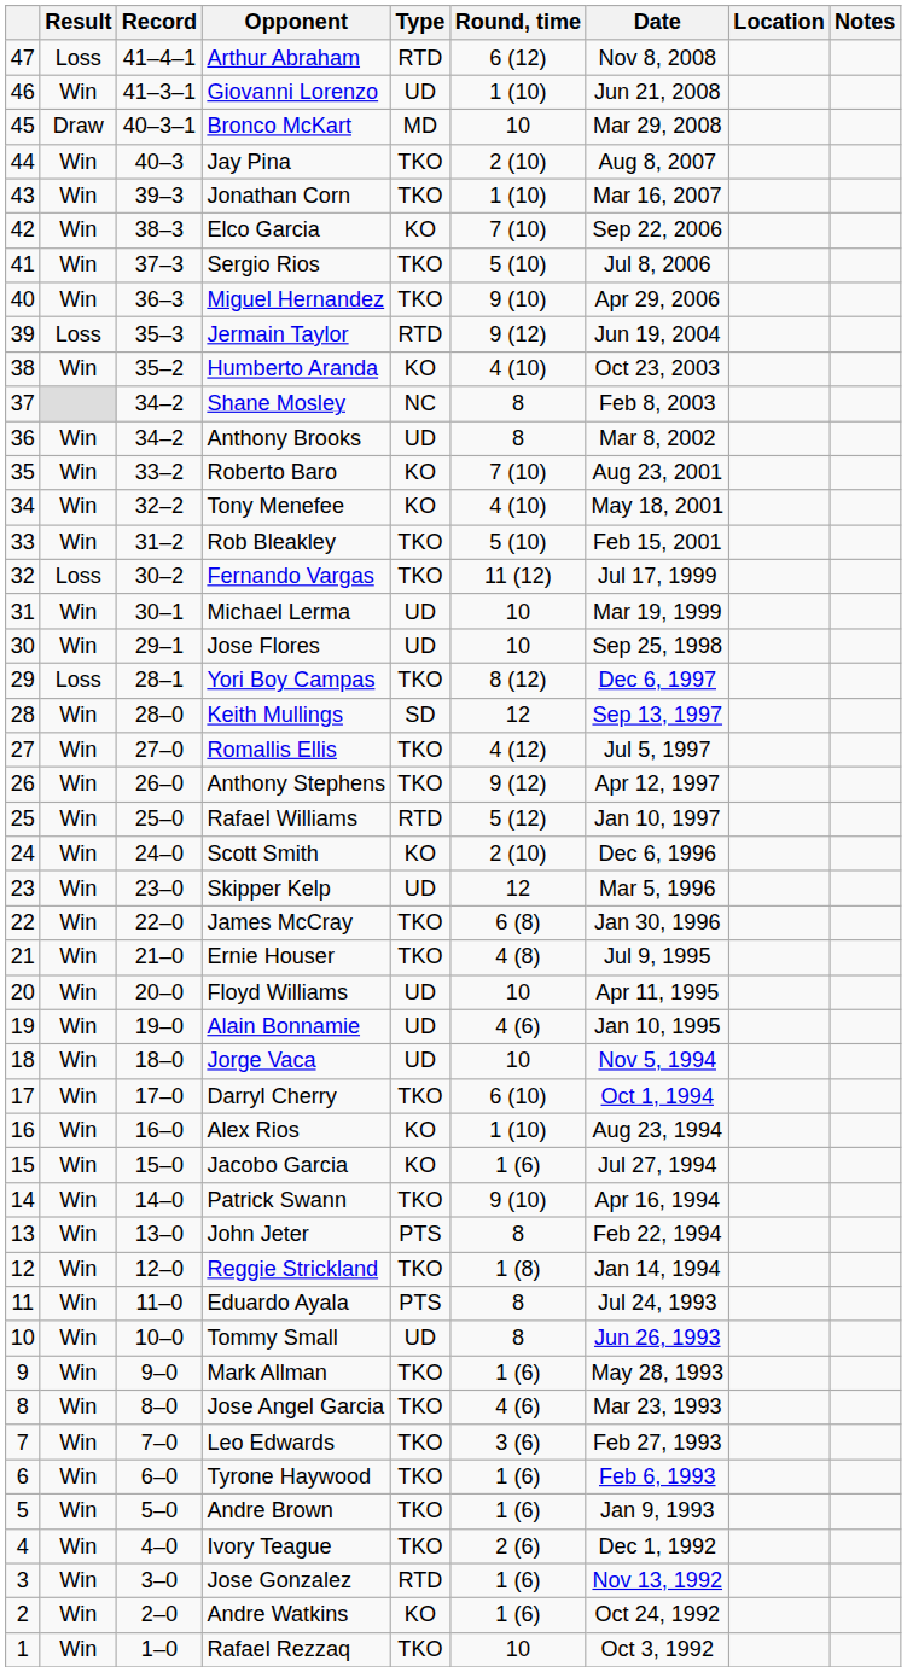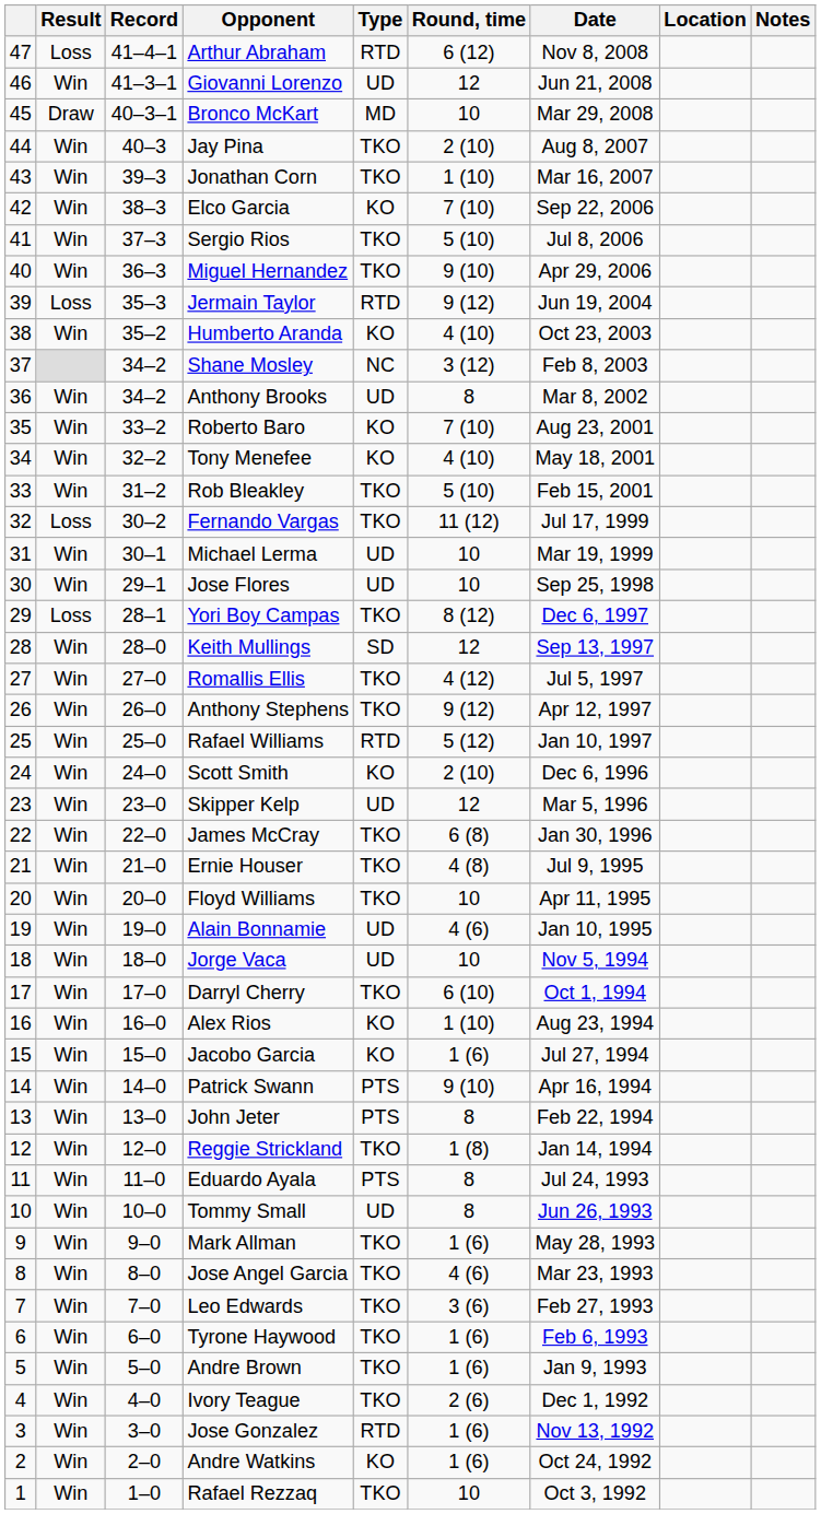 <table class="wikitable" style="text-align:center">
 <tr>
 <th></th>
 <th>Result</th>
 <th>Record</th>
 <th>Opponent</th>
 <th>Type</th>
 <th>Round, time</th>
 <th>Date</th>
 <th>Location</th>
 <th>Notes</th>
 </tr>
 <tr>
 <td>47</td>
 <td>Loss</td>
 <td>41–4–1 </td>
 <td align=left><a href='#'>Arthur Abraham</a></td>
 <td>RTD</td>
 <td>6 (12)</td>
 <td>Nov 8, 2008</td>
 <td align=left></td>
 <td align=left></td>
 </tr>
 <tr>
 <td>46</td>
 <td>Win</td>
 <td>41–3–1 </td>
 <td align=left><a href='#'>Giovanni Lorenzo</a></td>
 <td>UD</td>
-<td>1 (10)</td>
+<td>12</td>
 <td>Jun 21, 2008</td>
 <td align=left></td>
 <td align=left></td>
 </tr>
 <tr>
 <td>45</td>
 <td>Draw</td>
 <td>40–3–1 </td>
 <td align=left><a href='#'>Bronco McKart</a></td>
 <td>MD</td>
 <td>10</td>
 <td>Mar 29, 2008</td>
 <td align=left></td>
 <td align=left></td>
 </tr>
 <tr>
 <td>44</td>
 <td>Win</td>
 <td>40–3 </td>
 <td align=left>Jay Pina</td>
 <td>TKO</td>
 <td>2 (10)</td>
 <td>Aug 8, 2007</td>
 <td align=left></td>
 <td align=left></td>
 </tr>
 <tr>
 <td>43</td>
 <td>Win</td>
 <td>39–3 </td>
 <td align=left>Jonathan Corn</td>
 <td>TKO</td>
 <td>1 (10)</td>
 <td>Mar 16, 2007</td>
 <td align=left></td>
 <td align=left></td>
 </tr>
 <tr>
 <td>42</td>
 <td>Win</td>
 <td>38–3 </td>
 <td align=left>Elco Garcia</td>
 <td>KO</td>
 <td>7 (10)</td>
 <td>Sep 22, 2006</td>
 <td align=left></td>
 <td align=left></td>
 </tr>
 <tr>
 <td>41</td>
 <td>Win</td>
 <td>37–3 </td>
 <td align=left>Sergio Rios</td>
 <td>TKO</td>
 <td>5 (10)</td>
 <td>Jul 8, 2006</td>
 <td align=left></td>
 <td align=left></td>
 </tr>
 <tr>
 <td>40</td>
 <td>Win</td>
 <td>36–3 </td>
 <td align=left><a href='#'>Miguel Hernandez</a></td>
 <td>TKO</td>
 <td>9 (10)</td>
 <td>Apr 29, 2006</td>
 <td align=left></td>
 <td align=left></td>
 </tr>
 <tr>
 <td>39</td>
 <td>Loss</td>
 <td>35–3 </td>
 <td align=left><a href='#'>Jermain Taylor</a></td>
 <td>RTD</td>
 <td>9 (12)</td>
 <td>Jun 19, 2004</td>
 <td align=left></td>
 <td align=left></td>
 </tr>
 <tr>
 <td>38</td>
 <td>Win</td>
 <td>35–2 </td>
 <td align=left><a href='#'>Humberto Aranda</a></td>
 <td>KO</td>
 <td>4 (10)</td>
 <td>Oct 23, 2003</td>
 <td align=left></td>
 <td align=left></td>
 </tr>
 <tr>
 <td>37</td>
 <td style="background:#DDD"></td>
 <td>34–2 </td>
 <td align=left><a href='#'>Shane Mosley</a></td>
 <td>NC</td>
-<td>8</td>
+<td>3 (12)</td>
 <td>Feb 8, 2003</td>
 <td align=left></td>
 <td align=left></td>
 </tr>
 <tr>
 <td>36</td>
 <td>Win</td>
 <td>34–2</td>
 <td align=left>Anthony Brooks</td>
 <td>UD</td>
 <td>8</td>
 <td>Mar 8, 2002</td>
 <td align=left></td>
 <td align=left></td>
 </tr>
 <tr>
 <td>35</td>
 <td>Win</td>
 <td>33–2</td>
 <td align=left>Roberto Baro</td>
 <td>KO</td>
 <td>7 (10)</td>
 <td>Aug 23, 2001</td>
 <td align=left></td>
 <td align=left></td>
 </tr>
 <tr>
 <td>34</td>
 <td>Win</td>
 <td>32–2</td>
 <td align=left>Tony Menefee</td>
 <td>KO</td>
 <td>4 (10)</td>
 <td>May 18, 2001</td>
 <td align=left></td>
 <td align=left></td>
 </tr>
 <tr>
 <td>33</td>
 <td>Win</td>
 <td>31–2</td>
 <td align=left>Rob Bleakley</td>
 <td>TKO</td>
 <td>5 (10)</td>
 <td>Feb 15, 2001</td>
 <td align=left></td>
 <td align=left></td>
 </tr>
 <tr>
 <td>32</td>
 <td>Loss</td>
 <td>30–2</td>
 <td align=left><a href='#'>Fernando Vargas</a></td>
 <td>TKO</td>
 <td>11 (12)</td>
 <td>Jul 17, 1999</td>
 <td align=left></td>
 <td align=left></td>
 </tr>
 <tr>
 <td>31</td>
 <td>Win</td>
 <td>30–1</td>
 <td align=left>Michael Lerma</td>
 <td>UD</td>
 <td>10</td>
 <td>Mar 19, 1999</td>
 <td align=left></td>
 <td align=left></td>
 </tr>
 <tr>
 <td>30</td>
 <td>Win</td>
 <td>29–1</td>
 <td align=left>Jose Flores</td>
 <td>UD</td>
 <td>10</td>
 <td>Sep 25, 1998</td>
 <td align=left></td>
 <td align=left></td>
 </tr>
 <tr>
 <td>29</td>
 <td>Loss</td>
 <td>28–1</td>
 <td align=left><a href='#'>Yori Boy Campas</a></td>
 <td>TKO</td>
 <td>8 (12)</td>
 <td><a href='#'>Dec 6, 1997</a></td>
 <td align=left></td>
 <td align=left></td>
 </tr>
 <tr>
 <td>28</td>
 <td>Win</td>
 <td>28–0</td>
 <td align=left><a href='#'>Keith Mullings</a></td>
 <td>SD</td>
 <td>12</td>
 <td><a href='#'>Sep 13, 1997</a></td>
 <td align=left></td>
 <td align=left></td>
 </tr>
 <tr>
 <td>27</td>
 <td>Win</td>
 <td>27–0</td>
 <td align=left><a href='#'>Romallis Ellis</a></td>
 <td>TKO</td>
 <td>4 (12)</td>
 <td>Jul 5, 1997</td>
 <td align=left></td>
 <td align=left></td>
 </tr>
 <tr>
 <td>26</td>
 <td>Win</td>
 <td>26–0</td>
 <td align=left>Anthony Stephens</td>
 <td>TKO</td>
 <td>9 (12)</td>
 <td>Apr 12, 1997</td>
 <td align=left></td>
 <td align=left></td>
 </tr>
 <tr>
 <td>25</td>
 <td>Win</td>
 <td>25–0</td>
 <td align=left>Rafael Williams</td>
 <td>RTD</td>
 <td>5 (12)</td>
 <td>Jan 10, 1997</td>
 <td align=left></td>
 <td align=left></td>
 </tr>
 <tr>
 <td>24</td>
 <td>Win</td>
 <td>24–0</td>
 <td align=left>Scott Smith</td>
 <td>KO</td>
 <td>2 (10)</td>
 <td>Dec 6, 1996</td>
 <td align=left></td>
 <td align=left></td>
 </tr>
 <tr>
 <td>23</td>
 <td>Win</td>
 <td>23–0</td>
 <td align=left>Skipper Kelp</td>
 <td>UD</td>
 <td>12</td>
 <td>Mar 5, 1996</td>
 <td align=left></td>
 <td align=left></td>
 </tr>
 <tr>
 <td>22</td>
 <td>Win</td>
 <td>22–0</td>
 <td align=left>James McCray</td>
 <td>TKO</td>
 <td>6 (8)</td>
 <td>Jan 30, 1996</td>
 <td align=left></td>
 <td align=left></td>
 </tr>
 <tr>
 <td>21</td>
 <td>Win</td>
 <td>21–0</td>
 <td align=left>Ernie Houser</td>
 <td>TKO</td>
 <td>4 (8)</td>
 <td>Jul 9, 1995</td>
 <td align=left></td>
 <td align=left></td>
 </tr>
 <tr>
 <td>20</td>
 <td>Win</td>
 <td>20–0</td>
 <td align=left>Floyd Williams</td>
-<td>UD</td>
+<td>TKO</td>
 <td>10</td>
 <td>Apr 11, 1995</td>
 <td align=left></td>
 <td align=left></td>
 </tr>
 <tr>
 <td>19</td>
 <td>Win</td>
 <td>19–0</td>
 <td align=left><a href='#'>Alain Bonnamie</a></td>
 <td>UD</td>
 <td>4 (6)</td>
 <td>Jan 10, 1995</td>
 <td align=left></td>
 <td align=left></td>
 </tr>
 <tr>
 <td>18</td>
 <td>Win</td>
 <td>18–0</td>
 <td align=left><a href='#'>Jorge Vaca</a></td>
 <td>UD</td>
 <td>10</td>
 <td><a href='#'>Nov 5, 1994</a></td>
 <td align=left></td>
 <td align=left></td>
 </tr>
 <tr>
 <td>17</td>
 <td>Win</td>
 <td>17–0</td>
 <td align=left>Darryl Cherry</td>
 <td>TKO</td>
 <td>6 (10)</td>
 <td><a href='#'>Oct 1, 1994</a></td>
 <td align=left></td>
 <td align=left></td>
 </tr>
 <tr>
 <td>16</td>
 <td>Win</td>
 <td>16–0</td>
 <td align=left>Alex Rios</td>
 <td>KO</td>
 <td>1 (10)</td>
 <td>Aug 23, 1994</td>
 <td align=left></td>
 <td align=left></td>
 </tr>
 <tr>
 <td>15</td>
 <td>Win</td>
 <td>15–0</td>
 <td align=left>Jacobo Garcia</td>
 <td>KO</td>
 <td>1 (6)</td>
 <td>Jul 27, 1994</td>
 <td align=left></td>
 <td align=left></td>
 </tr>
 <tr>
 <td>14</td>
 <td>Win</td>
 <td>14–0</td>
 <td align=left>Patrick Swann</td>
-<td>TKO</td>
+<td>PTS</td>
 <td>9 (10)</td>
 <td>Apr 16, 1994</td>
 <td align=left></td>
 <td align=left></td>
 </tr>
 <tr>
 <td>13</td>
 <td>Win</td>
 <td>13–0</td>
 <td align=left>John Jeter</td>
 <td>PTS</td>
 <td>8</td>
 <td>Feb 22, 1994</td>
 <td align=left></td>
 <td align=left></td>
 </tr>
 <tr>
 <td>12</td>
 <td>Win</td>
 <td>12–0</td>
 <td align=left><a href='#'>Reggie Strickland</a></td>
 <td>TKO</td>
 <td>1 (8)</td>
 <td>Jan 14, 1994</td>
 <td align=left></td>
 <td align=left></td>
 </tr>
 <tr>
 <td>11</td>
 <td>Win</td>
 <td>11–0</td>
 <td align=left>Eduardo Ayala</td>
 <td>PTS</td>
 <td>8</td>
 <td>Jul 24, 1993</td>
 <td align=left></td>
 <td></td>
 </tr>
 <tr>
 <td>10</td>
 <td>Win</td>
 <td>10–0</td>
 <td align=left>Tommy Small</td>
 <td>UD</td>
 <td>8</td>
 <td><a href='#'>Jun 26, 1993</a></td>
 <td align=left></td>
 <td align=left></td>
 </tr>
 <tr>
 <td>9</td>
 <td>Win</td>
 <td>9–0</td>
 <td align=left>Mark Allman</td>
 <td>TKO</td>
 <td>1 (6)</td>
 <td>May 28, 1993</td>
 <td align=left></td>
 <td align=left></td>
 </tr>
 <tr>
 <td>8</td>
 <td>Win</td>
 <td>8–0</td>
 <td align=left>Jose Angel Garcia</td>
 <td>TKO</td>
 <td>4 (6)</td>
 <td>Mar 23, 1993</td>
 <td align=left></td>
 <td align=left></td>
 </tr>
 <tr>
 <td>7</td>
 <td>Win</td>
 <td>7–0</td>
 <td align=left>Leo Edwards</td>
 <td>TKO</td>
 <td>3 (6)</td>
 <td>Feb 27, 1993</td>
 <td align=left></td>
 <td align=left></td>
 </tr>
 <tr>
 <td>6</td>
 <td>Win</td>
 <td>6–0</td>
 <td align=left>Tyrone Haywood</td>
 <td>TKO</td>
 <td>1 (6)</td>
 <td><a href='#'>Feb 6, 1993</a></td>
 <td align=left></td>
 <td align=left></td>
 </tr>
 <tr>
 <td>5</td>
 <td>Win</td>
 <td>5–0</td>
 <td align=left>Andre Brown</td>
 <td>TKO</td>
 <td>1 (6)</td>
 <td>Jan 9, 1993</td>
 <td align=left></td>
 <td align=left></td>
 </tr>
 <tr>
 <td>4</td>
 <td>Win</td>
 <td>4–0</td>
 <td align=left>Ivory Teague</td>
 <td>TKO</td>
 <td>2 (6)</td>
 <td>Dec 1, 1992</td>
 <td align=left></td>
 <td align=left></td>
 </tr>
 <tr>
 <td>3</td>
 <td>Win</td>
 <td>3–0</td>
 <td align=left>Jose Gonzalez</td>
 <td>RTD</td>
 <td>1 (6)</td>
 <td><a href='#'>Nov 13, 1992</a></td>
 <td align=left></td>
 <td align=left></td>
 </tr>
 <tr>
 <td>2</td>
 <td>Win</td>
 <td>2–0</td>
 <td align=left>Andre Watkins</td>
 <td>KO</td>
 <td>1 (6)</td>
 <td>Oct 24, 1992</td>
 <td align=left></td>
 <td align=left></td>
 </tr>
 <tr>
 <td>1</td>
 <td>Win</td>
 <td>1–0</td>
 <td align=left>Rafael Rezzaq</td>
 <td>TKO</td>
 <td>10</td>
 <td>Oct 3, 1992</td>
 <td align=left></td>
 <td align=left></td>
 </tr>
 </table>
